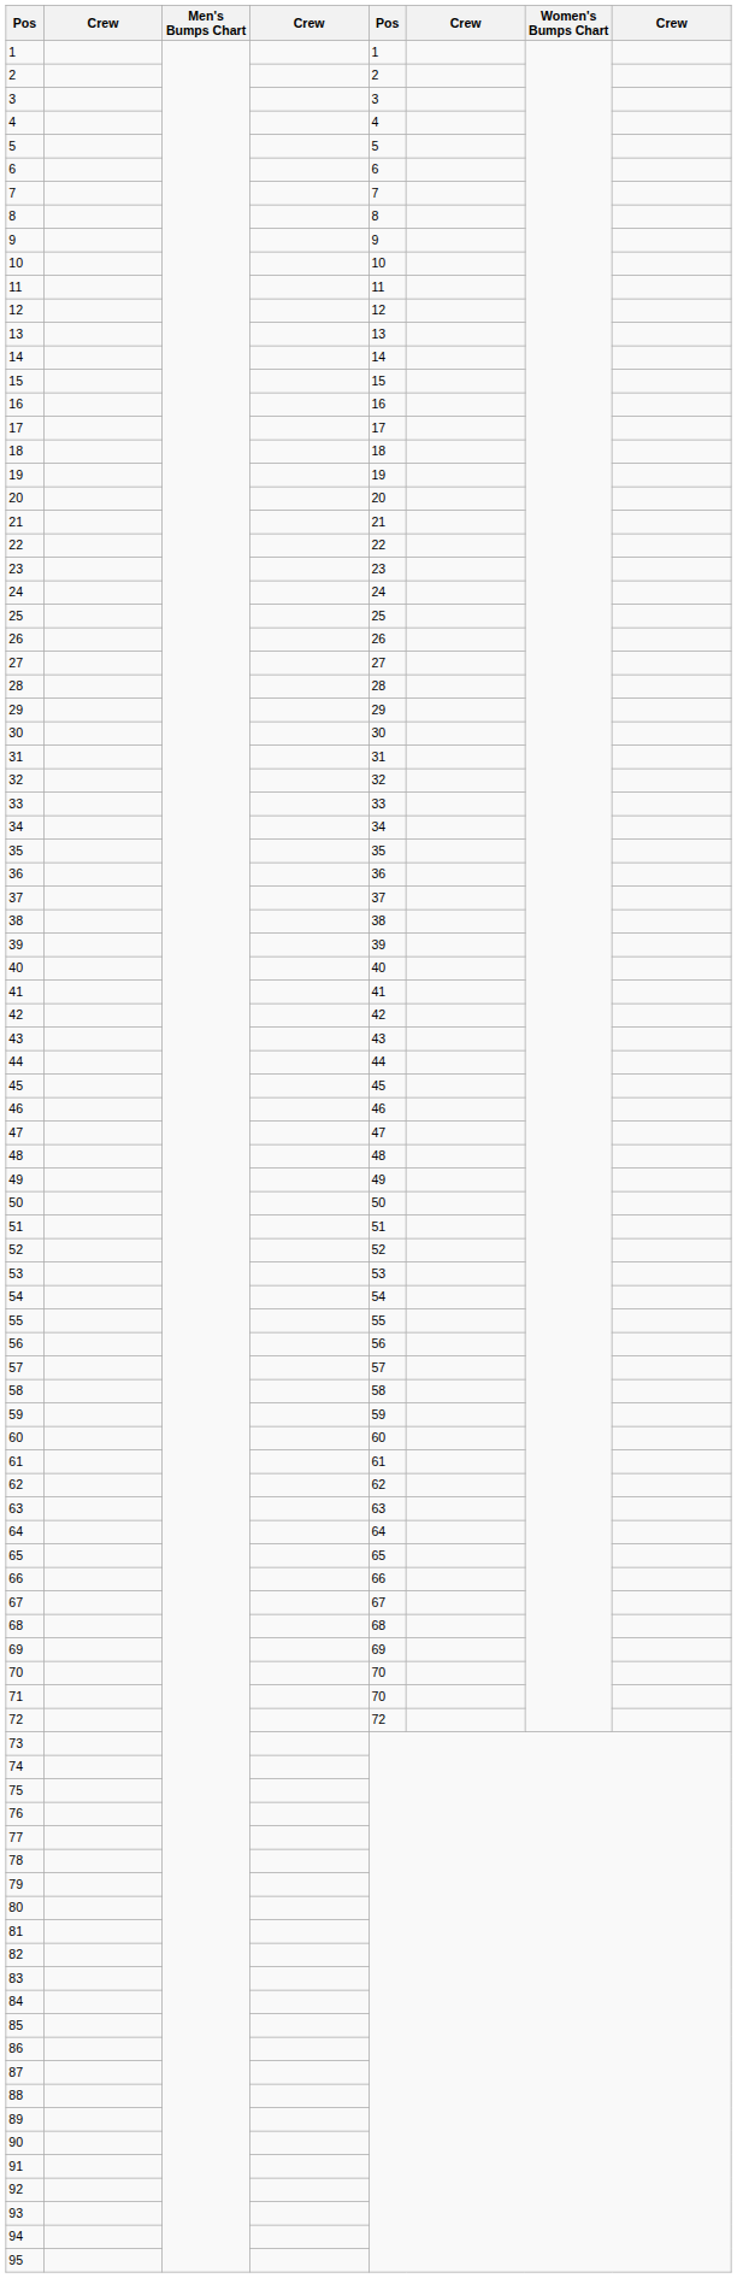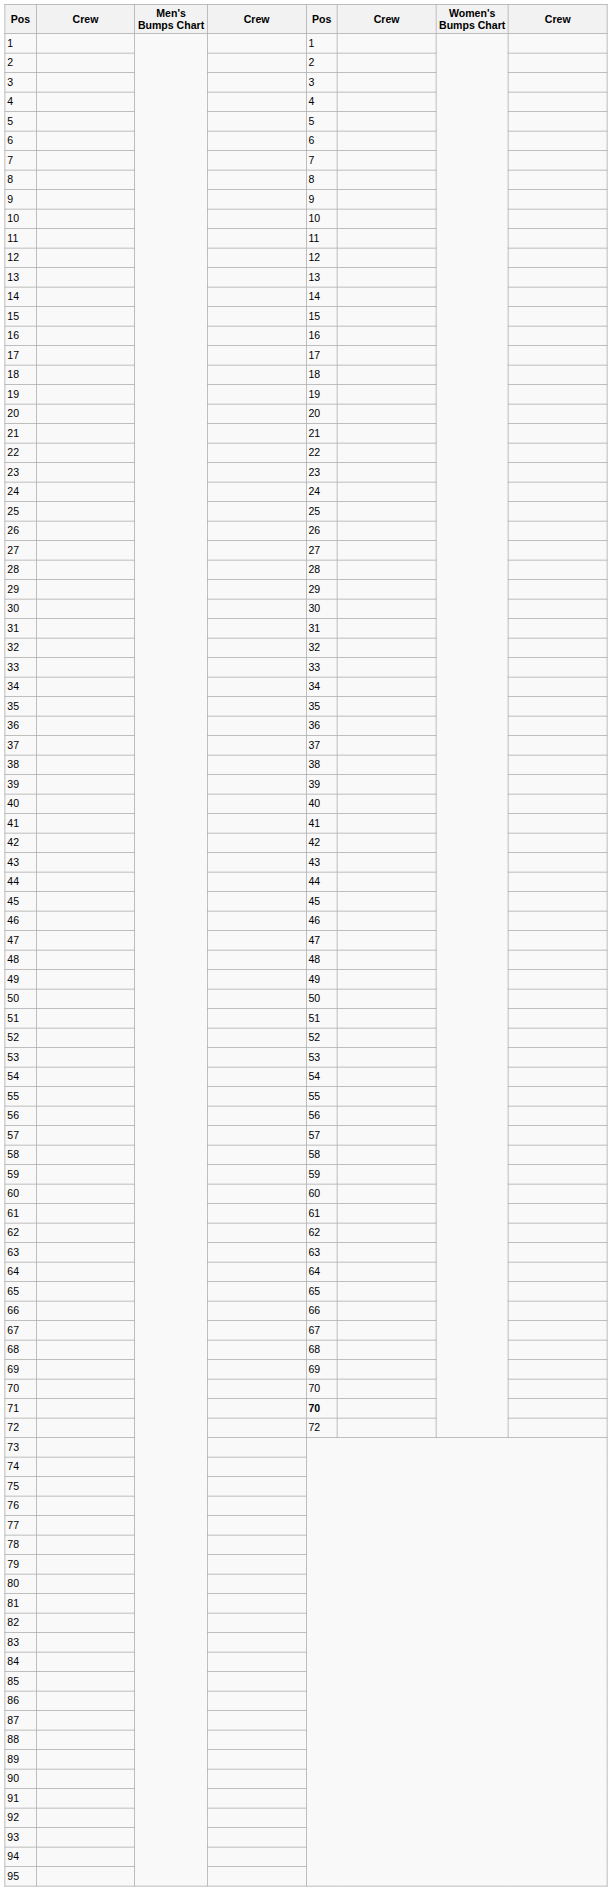 <table class="wikitable" style="font-size:88%; white-space:nowrap; margin:0.5em auto">
 <tr style="white-space:normal">
 <th width=35>Pos</th>
 <th width=125>Crew</th>
 <th width=90>Men's Bumps Chart</th>
 <th width=125>Crew</th>
 <th width=35>Pos</th>
 <th width=125>Crew</th>
 <th width=90>Women's Bumps Chart</th>
 <th width=125>Crew</th>
 </tr>
 <tr style="height:26px">
 <td>1</td>
 <td></td>
 <td rowspan="95" style="padding:0"></td>
 <td></td>
 <td>1</td>
 <td></td>
 <td rowspan="72" style="padding:0"></td>
 <td></td>
 </tr>
 <tr style="height:26px">
 <td>2</td>
 <td></td>
 <td></td>
 <td>2</td>
 <td></td>
 <td></td>
 </tr>
 <tr style="height:26px">
 <td>3</td>
 <td></td>
 <td></td>
 <td>3</td>
 <td></td>
 <td></td>
 </tr>
 <tr style="height:26px">
 <td>4</td>
 <td></td>
 <td></td>
 <td>4</td>
 <td></td>
 <td></td>
 </tr>
 <tr style="height:26px">
 <td>5</td>
 <td></td>
 <td></td>
 <td>5</td>
 <td></td>
 <td></td>
 </tr>
 <tr style="height:26px">
 <td>6</td>
 <td></td>
 <td></td>
 <td>6</td>
 <td></td>
 <td></td>
 </tr>
 <tr style="height:26px">
 <td>7</td>
 <td></td>
 <td></td>
 <td>7</td>
 <td></td>
 <td></td>
 </tr>
 <tr style="height:26px">
 <td>8</td>
 <td></td>
 <td></td>
 <td>8</td>
 <td></td>
 <td></td>
 </tr>
 <tr style="height:26px">
 <td>9</td>
 <td></td>
 <td></td>
 <td>9</td>
 <td></td>
 <td></td>
 </tr>
 <tr style="height:26px">
 <td>10</td>
 <td></td>
 <td></td>
 <td>10</td>
 <td></td>
 <td></td>
 </tr>
 <tr style="height:26px">
 <td>11</td>
 <td></td>
 <td></td>
 <td>11</td>
 <td></td>
 <td></td>
 </tr>
 <tr style="height:26px">
 <td>12</td>
 <td></td>
 <td></td>
 <td>12</td>
 <td></td>
 <td></td>
 </tr>
 <tr style="height:26px">
 <td>13</td>
 <td></td>
 <td></td>
 <td>13</td>
 <td></td>
 <td></td>
 </tr>
 <tr style="height:26px">
 <td>14</td>
 <td></td>
 <td></td>
 <td>14</td>
 <td></td>
 <td></td>
 </tr>
 <tr style="height:26px">
 <td>15</td>
 <td></td>
 <td></td>
 <td>15</td>
 <td></td>
 <td></td>
 </tr>
 <tr style="height:26px">
 <td>16</td>
 <td></td>
 <td></td>
 <td>16</td>
 <td></td>
 <td></td>
 </tr>
 <tr style="height:26px">
 <td>17</td>
 <td></td>
 <td></td>
 <td>17</td>
 <td></td>
 <td></td>
 </tr>
 <tr style="height:26px">
 <td>18</td>
 <td></td>
 <td></td>
 <td>18</td>
 <td></td>
 <td></td>
 </tr>
 <tr style="height:26px">
 <td>19</td>
 <td></td>
 <td></td>
 <td>19</td>
 <td></td>
 <td></td>
 </tr>
 <tr style="height:26px">
 <td>20</td>
 <td></td>
 <td></td>
 <td>20</td>
 <td></td>
 <td></td>
 </tr>
 <tr style="height:26px">
 <td>21</td>
 <td></td>
 <td></td>
 <td>21</td>
 <td></td>
 <td></td>
 </tr>
 <tr style="height:26px">
 <td>22</td>
 <td></td>
 <td></td>
 <td>22</td>
 <td></td>
 <td></td>
 </tr>
 <tr style="height:26px">
 <td>23</td>
 <td></td>
 <td></td>
 <td>23</td>
 <td></td>
 <td></td>
 </tr>
 <tr style="height:26px">
 <td>24</td>
 <td></td>
 <td></td>
 <td>24</td>
 <td></td>
 <td></td>
 </tr>
 <tr style="height:26px">
 <td>25</td>
 <td></td>
 <td></td>
 <td>25</td>
 <td></td>
 <td></td>
 </tr>
 <tr style="height:26px">
 <td>26</td>
 <td></td>
 <td></td>
 <td>26</td>
 <td></td>
 <td></td>
 </tr>
 <tr style="height:26px">
 <td>27</td>
 <td></td>
 <td></td>
 <td>27</td>
 <td></td>
 <td></td>
 </tr>
 <tr style="height:26px">
 <td>28</td>
 <td></td>
 <td></td>
 <td>28</td>
 <td></td>
 <td></td>
 </tr>
 <tr style="height:26px">
 <td>29</td>
 <td></td>
 <td></td>
 <td>29</td>
 <td></td>
 <td></td>
 </tr>
 <tr style="height:26px">
 <td>30</td>
 <td></td>
 <td></td>
 <td>30</td>
 <td></td>
 <td></td>
 </tr>
 <tr style="height:26px">
 <td>31</td>
 <td></td>
 <td></td>
 <td>31</td>
 <td></td>
 <td></td>
 </tr>
 <tr style="height:26px">
 <td>32</td>
 <td></td>
 <td></td>
 <td>32</td>
 <td></td>
 <td></td>
 </tr>
 <tr style="height:26px">
 <td>33</td>
 <td></td>
 <td></td>
 <td>33</td>
 <td></td>
 <td></td>
 </tr>
 <tr style="height:26px">
 <td>34</td>
 <td></td>
 <td></td>
 <td>34</td>
 <td></td>
 <td></td>
 </tr>
 <tr style="height:26px">
 <td>35</td>
 <td></td>
 <td></td>
 <td>35</td>
 <td></td>
 <td></td>
 </tr>
 <tr style="height:26px">
 <td>36</td>
 <td></td>
 <td></td>
 <td>36</td>
 <td></td>
 <td></td>
 </tr>
 <tr style="height:26px">
 <td>37</td>
 <td></td>
 <td></td>
 <td>37</td>
 <td></td>
 <td></td>
 </tr>
 <tr style="height:26px">
 <td>38</td>
 <td></td>
 <td></td>
 <td>38</td>
 <td></td>
 <td></td>
 </tr>
 <tr style="height:26px">
 <td>39</td>
 <td></td>
 <td></td>
 <td>39</td>
 <td></td>
 <td></td>
 </tr>
 <tr style="height:26px">
 <td>40</td>
 <td></td>
 <td></td>
 <td>40</td>
 <td></td>
 <td></td>
 </tr>
 <tr style="height:26px">
 <td>41</td>
 <td></td>
 <td></td>
 <td>41</td>
 <td></td>
 <td></td>
 </tr>
 <tr style="height:26px">
 <td>42</td>
 <td></td>
 <td></td>
 <td>42</td>
 <td></td>
 <td></td>
 </tr>
 <tr style="height:26px">
 <td>43</td>
 <td></td>
 <td></td>
 <td>43</td>
 <td></td>
 <td></td>
 </tr>
 <tr style="height:26px">
 <td>44</td>
 <td></td>
 <td></td>
 <td>44</td>
 <td></td>
 <td></td>
 </tr>
 <tr style="height:26px">
 <td>45</td>
 <td></td>
 <td></td>
 <td>45</td>
 <td></td>
 <td></td>
 </tr>
 <tr style="height:26px">
 <td>46</td>
 <td></td>
 <td></td>
 <td>46</td>
 <td></td>
 <td></td>
 </tr>
 <tr style="height:26px">
 <td>47</td>
 <td></td>
 <td></td>
 <td>47</td>
 <td></td>
 <td></td>
 </tr>
 <tr style="height:26px">
 <td>48</td>
 <td></td>
 <td></td>
 <td>48</td>
 <td></td>
 <td></td>
 </tr>
 <tr style="height:26px">
 <td>49</td>
 <td></td>
 <td></td>
 <td>49</td>
 <td></td>
 <td></td>
 </tr>
 <tr style="height:26px">
 <td>50</td>
 <td></td>
 <td></td>
 <td>50</td>
 <td></td>
 <td></td>
 </tr>
 <tr style="height:26px">
 <td>51</td>
 <td></td>
 <td></td>
 <td>51</td>
 <td></td>
 <td></td>
 </tr>
 <tr style="height:26px">
 <td>52</td>
 <td></td>
 <td></td>
 <td>52</td>
 <td></td>
 <td></td>
 </tr>
 <tr style="height:26px">
 <td>53</td>
 <td></td>
 <td></td>
 <td>53</td>
 <td></td>
 <td></td>
 </tr>
 <tr style="height:26px">
 <td>54</td>
 <td></td>
 <td></td>
 <td>54</td>
 <td></td>
 <td></td>
 </tr>
 <tr style="height:26px">
 <td>55</td>
 <td></td>
 <td></td>
 <td>55</td>
 <td></td>
 <td></td>
 </tr>
 <tr style="height:26px">
 <td>56</td>
 <td></td>
 <td></td>
 <td>56</td>
 <td></td>
 <td></td>
 </tr>
 <tr style="height:26px">
 <td>57</td>
 <td></td>
 <td></td>
 <td>57</td>
 <td></td>
 <td></td>
 </tr>
 <tr style="height:26px">
 <td>58</td>
 <td></td>
 <td></td>
 <td>58</td>
 <td></td>
 <td></td>
 </tr>
 <tr style="height:26px">
 <td>59</td>
 <td></td>
 <td></td>
 <td>59</td>
 <td></td>
 <td></td>
 </tr>
 <tr style="height:26px">
 <td>60</td>
 <td></td>
 <td></td>
 <td>60</td>
 <td></td>
 <td></td>
 </tr>
 <tr style="height:26px">
 <td>61</td>
 <td></td>
 <td></td>
 <td>61</td>
 <td></td>
 <td></td>
 </tr>
 <tr style="height:26px">
 <td>62</td>
 <td></td>
 <td></td>
 <td>62</td>
 <td></td>
 <td></td>
 </tr>
 <tr style="height:26px">
 <td>63</td>
 <td></td>
 <td></td>
 <td>63</td>
 <td></td>
 <td></td>
 </tr>
 <tr style="height:26px">
 <td>64</td>
 <td></td>
 <td></td>
 <td>64</td>
 <td></td>
 <td></td>
 </tr>
 <tr style="height:26px">
 <td>65</td>
 <td></td>
 <td></td>
 <td>65</td>
 <td></td>
 <td></td>
 </tr>
 <tr style="height:26px">
 <td>66</td>
 <td></td>
 <td></td>
 <td>66</td>
 <td></td>
 <td></td>
 </tr>
 <tr style="height:26px">
 <td>67</td>
 <td></td>
 <td></td>
 <td>67</td>
 <td></td>
 <td></td>
 </tr>
 <tr style="height:26px">
 <td>68</td>
 <td></td>
 <td></td>
 <td>68</td>
 <td></td>
 <td></td>
 </tr>
 <tr style="height:26px">
 <td>69</td>
 <td></td>
 <td></td>
 <td>69</td>
 <td></td>
 <td></td>
 </tr>
 <tr style="height:26px">
 <td>70</td>
 <td></td>
 <td></td>
 <td>70</td>
 <td></td>
 <td></td>
 </tr>
 <tr style="height:26px">
 <td>71</td>
 <td></td>
 <td></td>
-<td>70</td>
+<td><strong>70</strong></td>
 <td></td>
 <td></td>
 </tr>
 <tr style="height:26px">
 <td>72</td>
 <td></td>
 <td></td>
 <td>72</td>
 <td></td>
 <td></td>
 </tr>
 <tr style="height:26px">
 <td>73</td>
 <td></td>
 <td></td>
 <td colspan="4" rowspan="33"> </td>
 </tr>
 <tr style="height:26px">
 <td>74</td>
 <td></td>
 <td></td>
 </tr>
 <tr style="height:26px">
 <td>75</td>
 <td></td>
 <td></td>
 </tr>
 <tr style="height:26px">
 <td>76</td>
 <td></td>
 <td></td>
 </tr>
 <tr style="height:26px">
 <td>77</td>
 <td></td>
 <td></td>
 </tr>
 <tr style="height:26px">
 <td>78</td>
 <td></td>
 <td></td>
 </tr>
 <tr style="height:26px">
 <td>79</td>
 <td></td>
 <td></td>
 </tr>
 <tr style="height:26px">
 <td>80</td>
 <td></td>
 <td></td>
 </tr>
 <tr style="height:26px">
 <td>81</td>
 <td></td>
 <td></td>
 </tr>
 <tr style="height:26px">
 <td>82</td>
 <td></td>
 <td></td>
 </tr>
 <tr style="height:26px">
 <td>83</td>
 <td></td>
 <td></td>
 </tr>
 <tr style="height:26px">
 <td>84</td>
 <td></td>
 <td></td>
 </tr>
 <tr style="height:26px">
 <td>85</td>
 <td></td>
 <td></td>
 </tr>
 <tr style="height:26px">
 <td>86</td>
 <td></td>
 <td></td>
 </tr>
 <tr style="height:26px">
 <td>87</td>
 <td></td>
 <td></td>
 </tr>
 <tr style="height:26px">
 <td>88</td>
 <td></td>
 <td></td>
 </tr>
 <tr style="height:26px">
 <td>89</td>
 <td></td>
 <td></td>
 </tr>
 <tr style="height:26px">
 <td>90</td>
 <td></td>
 <td></td>
 </tr>
 <tr style="height:26px">
 <td>91</td>
 <td></td>
 <td></td>
 </tr>
 <tr style="height:26px">
 <td>92</td>
 <td></td>
 <td></td>
 </tr>
 <tr style="height:26px">
 <td>93</td>
 <td></td>
 <td></td>
 </tr>
 <tr style="height:26px">
 <td>94</td>
 <td></td>
 <td></td>
 </tr>
 <tr style="height:26px">
 <td>95</td>
 <td></td>
 <td></td>
 </tr>
 </table>
